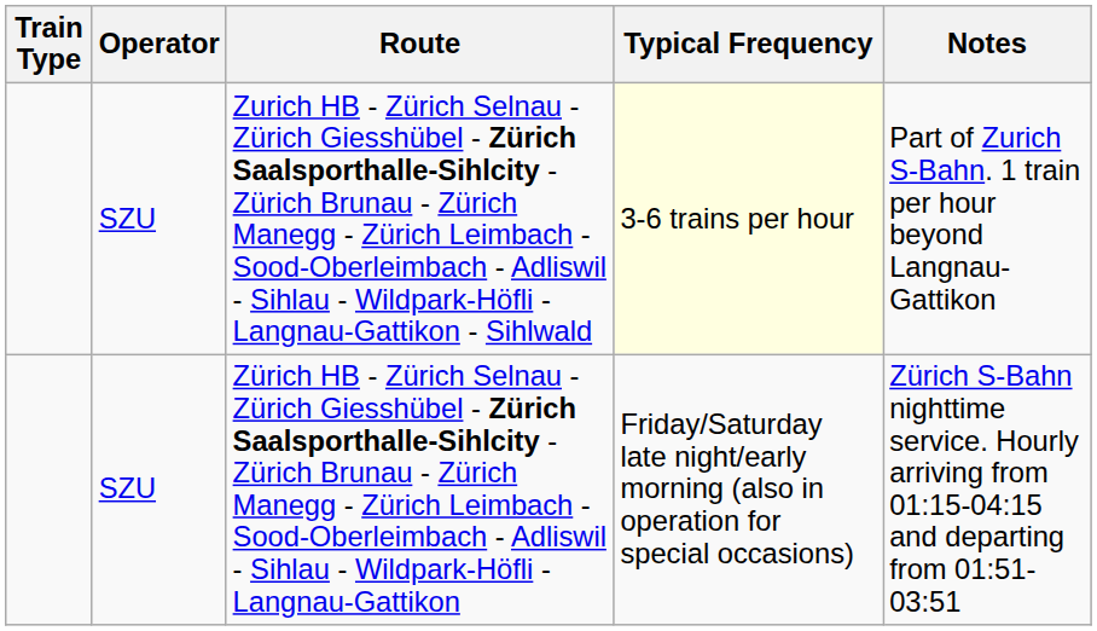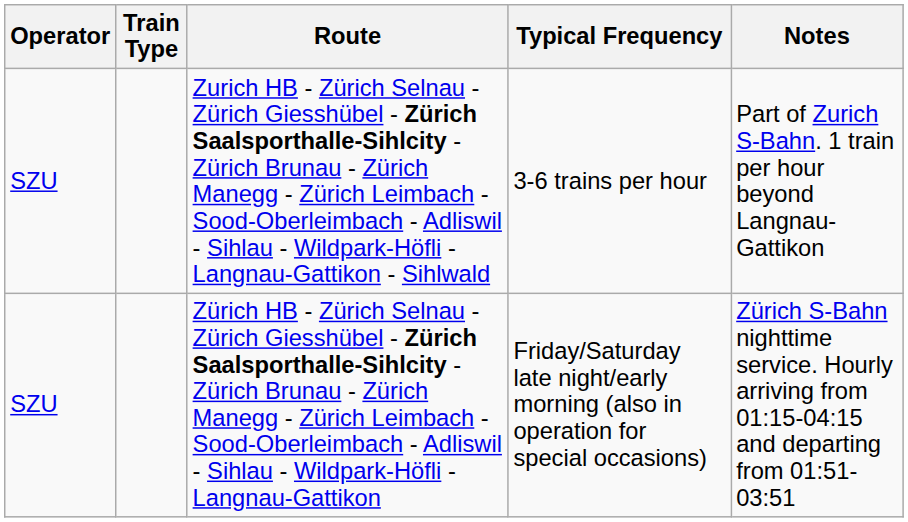 <table class="wikitable vatop">
 <tr>
+<th>Operator</th>
 <th>Train Type</th>
-<th>Operator</th>
 <th>Route</th>
 <th>Typical Frequency</th>
 <th>Notes</th>
 </tr>
 <tr>
+<td><a href='#'>SZU</a></td>
 <td></td>
-<td><a href='#'>SZU</a></td>
 <td><a href='#'>Zurich HB</a> - <a href='#'>Zürich Selnau</a> - <a href='#'>Zürich Giesshübel</a> - <strong>Zürich Saalsporthalle-Sihlcity</strong> - <a href='#'>Zürich Brunau</a> - <a href='#'>Zürich Manegg</a> - <a href='#'>Zürich Leimbach</a> - <a href='#'>Sood-Oberleimbach</a> - <a href='#'>Adliswil</a> - <a href='#'>Sihlau</a> - <a href='#'>Wildpark-Höfli</a> - <a href='#'>Langnau-Gattikon</a> - <a href='#'>Sihlwald</a></td>
-<td style="background: lightyellow;">3-6 trains per hour</td>
+<td>3-6 trains per hour</td>
 <td>Part of <a href='#'>Zurich S-Bahn</a>. 1 train per hour beyond Langnau-Gattikon</td>
 </tr>
 <tr>
+<td><a href='#'>SZU</a></td>
 <td><br></td>
-<td><a href='#'>SZU</a></td>
 <td><a href='#'>Zürich HB</a> - <a href='#'>Zürich Selnau</a> - <a href='#'>Zürich Giesshübel</a> - <strong>Zürich Saalsporthalle-Sihlcity</strong> - <a href='#'>Zürich Brunau</a> - <a href='#'>Zürich Manegg</a> - <a href='#'>Zürich Leimbach</a> - <a href='#'>Sood-Oberleimbach</a> - <a href='#'>Adliswil</a> - <a href='#'>Sihlau</a> - <a href='#'>Wildpark-Höfli</a> - <a href='#'>Langnau-Gattikon</a></td>
 <td>Friday/Saturday late night/early morning (also in operation for special occasions)</td>
 <td><a href='#'>Zürich S-Bahn</a> nighttime service. Hourly arriving from 01:15-04:15 and departing from 01:51-03:51</td>
 </tr>
 </table>
